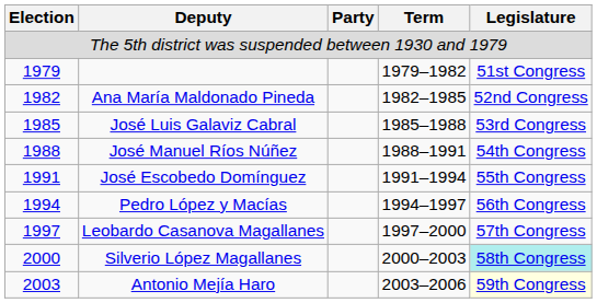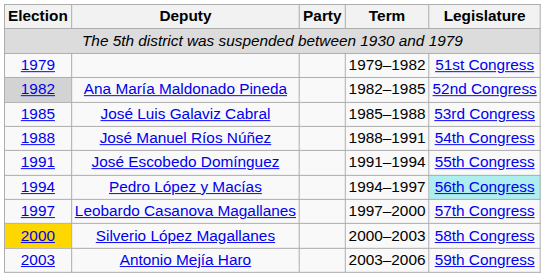 <table class="wikitable" style="text-align: center">
 <tr>
 <th>Election</th>
 <th>Deputy</th>
 <th>Party</th>
 <th>Term</th>
 <th>Legislature</th>
 </tr>
 <tr align=center style="background:Gainsboro;">
 <td colspan=5><em>The 5th district was suspended between 1930 and 1979</em></td>
 </tr>
 <tr>
 <td><a href='#'>1979</a></td>
 <td></td>
 <td></td>
 <td>1979–1982</td>
 <td><a href='#'>51st Congress</a></td>
 </tr>
 <tr>
-<td><a href='#'>1982</a></td>
+<td style="background: lightgrey;"><a href='#'>1982</a></td>
 <td><a href='#'>Ana María Maldonado Pineda</a></td>
 <td></td>
 <td>1982–1985</td>
 <td><a href='#'>52nd Congress</a></td>
 </tr>
 <tr>
 <td><a href='#'>1985</a></td>
 <td><a href='#'>José Luis Galaviz Cabral</a></td>
 <td></td>
 <td>1985–1988</td>
 <td><a href='#'>53rd Congress</a></td>
 </tr>
 <tr>
 <td><a href='#'>1988</a></td>
 <td><a href='#'>José Manuel Ríos Núñez</a></td>
 <td></td>
 <td>1988–1991</td>
 <td><a href='#'>54th Congress</a></td>
 </tr>
 <tr>
 <td><a href='#'>1991</a></td>
 <td><a href='#'>José Escobedo Domínguez</a></td>
 <td></td>
 <td>1991–1994</td>
 <td><a href='#'>55th Congress</a></td>
 </tr>
 <tr>
 <td><a href='#'>1994</a></td>
 <td><a href='#'>Pedro López y Macías</a></td>
 <td></td>
 <td>1994–1997</td>
-<td><a href='#'>56th Congress</a></td>
+<td style="background: paleturquoise;"><a href='#'>56th Congress</a></td>
 </tr>
 <tr>
 <td><a href='#'>1997</a></td>
 <td><a href='#'>Leobardo Casanova Magallanes</a></td>
 <td></td>
 <td>1997–2000</td>
 <td><a href='#'>57th Congress</a></td>
 </tr>
 <tr>
-<td><a href='#'>2000</a></td>
+<td style="background: gold;"><a href='#'>2000</a></td>
 <td><a href='#'>Silverio López Magallanes</a></td>
 <td></td>
 <td>2000–2003</td>
-<td style="background: paleturquoise;"><a href='#'>58th Congress</a></td>
+<td><a href='#'>58th Congress</a></td>
 </tr>
 <tr>
 <td><a href='#'>2003</a></td>
 <td><a href='#'>Antonio Mejía Haro</a></td>
 <td></td>
 <td>2003–2006</td>
-<td style="background: lightyellow;"><a href='#'>59th Congress</a></td>
+<td><a href='#'>59th Congress</a></td>
 </tr>
 </table>
